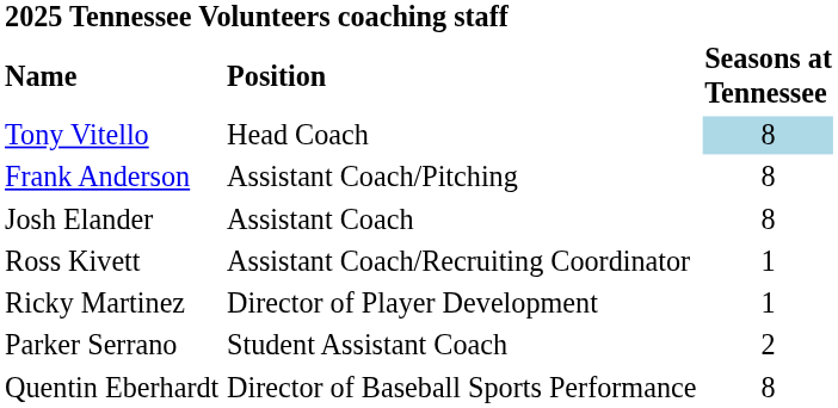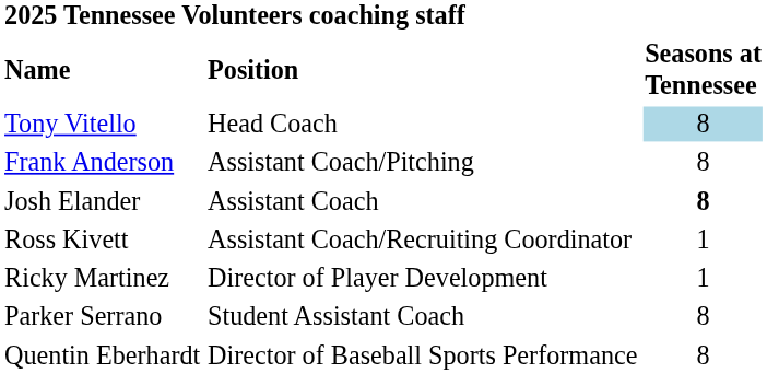 <table class="toccolours" style="text-align: left; font-size:90%;">
 <tr>
 <th colspan="9">2025 Tennessee Volunteers coaching staff</th>
 </tr>
 <tr>
 <th>Name</th>
 <th>Position</th>
 <th>Seasons at<br>Tennessee</th>
 </tr>
 <tr>
 <td><a href='#'>Tony Vitello</a></td>
 <td>Head Coach</td>
 <td align=center style="background: lightblue;">8</td>
 </tr>
 <tr>
 <td><a href='#'>Frank Anderson</a></td>
 <td>Assistant Coach/Pitching</td>
 <td align=center>8</td>
 </tr>
 <tr>
 <td>Josh Elander</td>
 <td>Assistant Coach</td>
-<td align=center>8</td>
+<td align=center><strong>8</strong></td>
 </tr>
 <tr>
 <td>Ross Kivett</td>
 <td>Assistant Coach/Recruiting Coordinator</td>
 <td align=center>1</td>
 </tr>
 <tr>
 <td>Ricky Martinez</td>
 <td>Director of Player Development</td>
 <td align=center>1</td>
 </tr>
 <tr>
 <td>Parker Serrano</td>
 <td>Student Assistant Coach</td>
-<td align=center>2</td>
+<td align=center>8</td>
 </tr>
 <tr>
 <td>Quentin Eberhardt</td>
 <td>Director of Baseball Sports Performance</td>
 <td align=center>8</td>
 </tr>
 </table>
